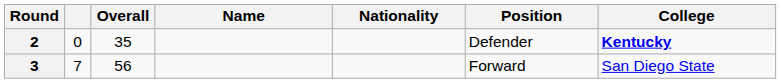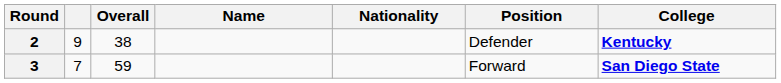 <table class="wikitable sortable" style="width:90%">
 <tr>
 <th scope="col" style="width: 3%;">Round</th>
 <th scope="col" style="width: 3%;"></th>
 <th scope="col" style="width: 4%;">Overall</th>
 <th scope="col" style="width: 20%;">Name</th>
 <th scope="col" style="width: 15%;">Nationality</th>
 <th scope="col" style="width: 15%;">Position</th>
 <th scope="col" style="width: 20%;">College</th>
 </tr>
 <tr>
 <th scope="row">2</th>
-<td align="center">0</td>
-<td align="center">35</td>
+<td align="center">9</td>
+<td align="center">38</td>
 <td></td>
 <td></td>
 <td>Defender</td>
 <td><strong><a href='#'>Kentucky</a></strong></td>
 </tr>
 <tr>
 <th scope="row">3</th>
 <td align="center">7</td>
-<td align="center">56</td>
+<td align="center">59</td>
 <td></td>
 <td></td>
 <td>Forward</td>
-<td><a href='#'>San Diego State</a></td>
+<td><strong><a href='#'>San Diego State</a></strong></td>
 </tr>
 </table>
